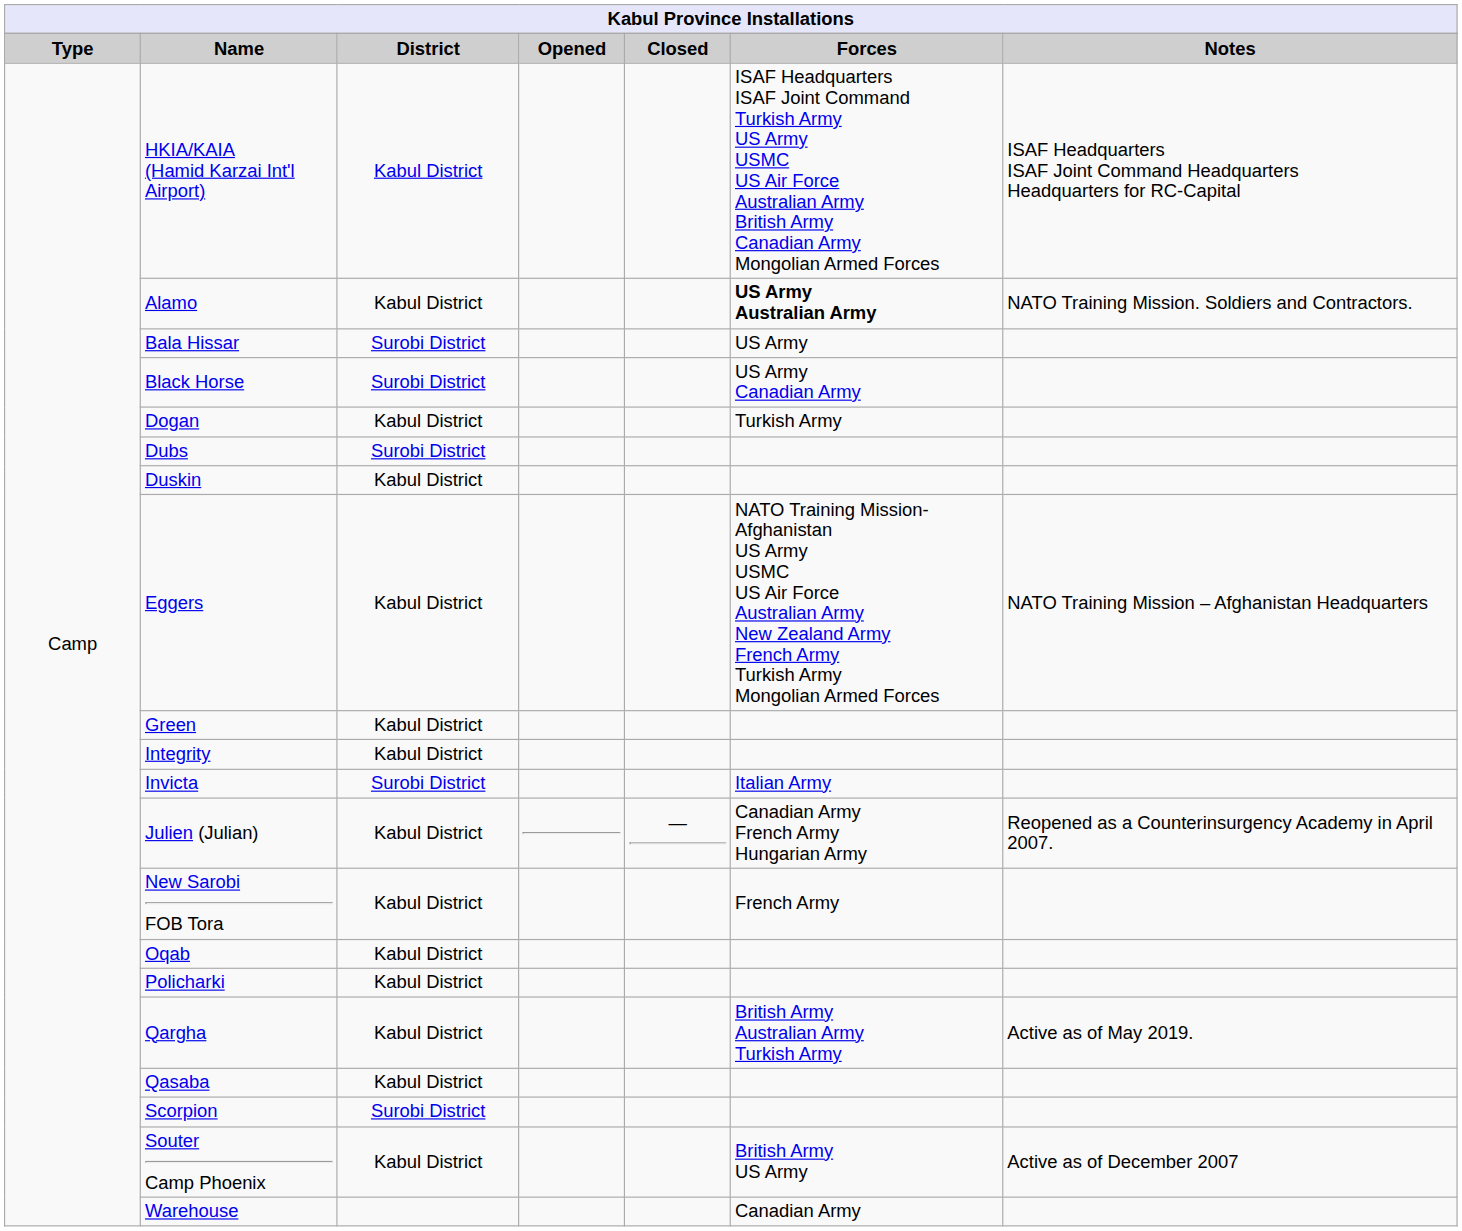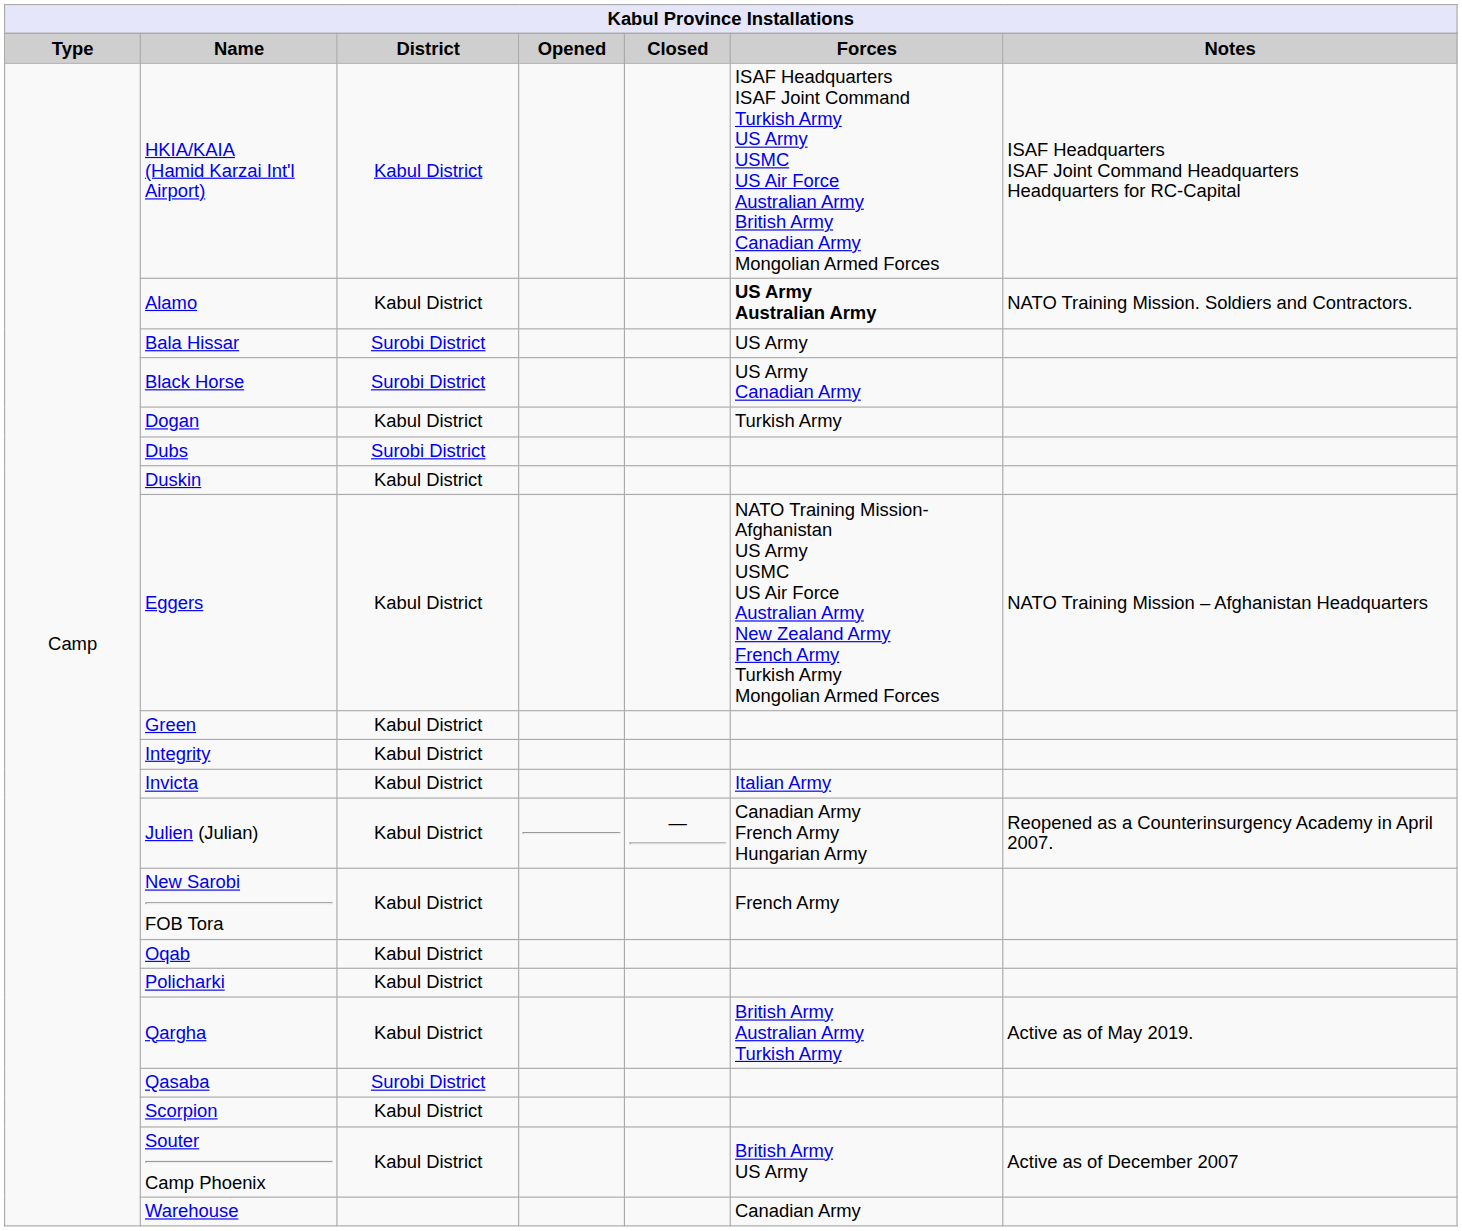 <table class="wikitable sortable" width="100%">
 <tr>
 <th style="align: center; background: lavender" colspan="7"><strong>Kabul Province Installations</strong></th>
 </tr>
 <tr style="background:#efefef; color:black">
 </tr>
 <tr>
 <th style="background-color:#cfcfcf;" align="center" width="9%" align="center">Type</th>
 <th style="background-color:#cfcfcf;" align="center" width="13%">Name</th>
 <th style="background-color:#cfcfcf;" align="center" width="12%">District</th>
 <th style="background-color:#cfcfcf;" align="center" width="7%">Opened</th>
 <th style="background-color:#cfcfcf;" align="center" width="7%">Closed</th>
 <th style="background-color:#cfcfcf;" align="center" width="18%" class="unsortable">Forces</th>
 <th style="background-color:#cfcfcf;" align="center" width="30%" class="unsortable">Notes</th>
 </tr>
 <tr>
 <td rowspan="20" align="center">Camp</td>
 <td><a href='#'>HKIA/KAIA<br>(Hamid Karzai Int'l Airport)</a></td>
 <td align="center"><a href='#'>Kabul District</a></td>
 <td align="center"></td>
 <td align="center"></td>
 <td> ISAF Headquarters<br> ISAF Joint Command<br> <a href='#'>Turkish Army</a><br> <a href='#'>US Army</a><br> <a href='#'>USMC</a><br> <a href='#'>US Air Force</a><br> <a href='#'>Australian Army</a><br> <a href='#'>British Army</a><br>  <a href='#'>Canadian Army</a><br> Mongolian Armed Forces</td>
 <td>ISAF Headquarters<br>ISAF Joint Command Headquarters<br>Headquarters for RC-Capital</td>
 </tr>
 <tr>
 <td><a href='#'>Alamo</a></td>
 <td align="center">Kabul District</td>
 <td align="center"></td>
 <td align="center"></td>
 <td><strong> US Army<br> Australian Army</strong></td>
 <td>NATO Training Mission. Soldiers and Contractors.</td>
 </tr>
 <tr>
 <td><a href='#'>Bala Hissar</a></td>
 <td align="center"><a href='#'>Surobi District</a></td>
 <td align="center"></td>
 <td align="center"></td>
 <td> US Army</td>
 <td></td>
 </tr>
 <tr>
 <td><a href='#'>Black Horse</a></td>
 <td align="center"><a href='#'>Surobi District</a></td>
 <td align="center"></td>
 <td align="center"></td>
 <td> US Army<br> <a href='#'>Canadian Army</a></td>
 <td></td>
 </tr>
 <tr>
 <td><a href='#'>Dogan</a></td>
 <td align="center">Kabul District</td>
 <td align="center"></td>
 <td align="center"></td>
 <td> Turkish Army</td>
 <td></td>
 </tr>
 <tr>
 <td><a href='#'>Dubs</a></td>
 <td align="center"><a href='#'>Surobi District</a></td>
 <td align="center"></td>
 <td align="center"></td>
 <td></td>
 <td></td>
 </tr>
 <tr>
 <td><a href='#'>Duskin</a></td>
 <td align="center">Kabul District</td>
 <td align="center"></td>
 <td align="center"></td>
 <td></td>
 <td></td>
 </tr>
 <tr>
 <td><a href='#'>Eggers</a></td>
 <td align="center">Kabul District</td>
 <td align="center"></td>
 <td align="center"></td>
 <td> NATO Training Mission-Afghanistan<br>  US Army<br> USMC<br> US Air Force<br> <a href='#'>Australian Army</a><br> <a href='#'>New Zealand Army</a><br> <a href='#'>French Army</a><br> Turkish Army <br> Mongolian Armed Forces</td>
 <td>NATO Training Mission – Afghanistan Headquarters</td>
 </tr>
 <tr>
 <td><a href='#'>Green</a></td>
 <td align="center">Kabul District</td>
 <td align="center"></td>
 <td align="center"></td>
 <td></td>
 <td></td>
 </tr>
 <tr>
 <td><a href='#'>Integrity</a></td>
 <td align="center">Kabul District</td>
 <td align="center"></td>
 <td align="center"></td>
 <td></td>
 <td></td>
 </tr>
 <tr>
 <td><a href='#'>Invicta</a></td>
-<td align="center"><a href='#'>Surobi District</a></td>
+<td align="center">Kabul District</td>
 <td align="center"></td>
 <td align="center"></td>
 <td> <a href='#'>Italian Army</a></td>
 <td></td>
 </tr>
 <tr>
 <td><a href='#'>Julien</a> (Julian)</td>
 <td align="center">Kabul District</td>
 <td align="center"><hr></td>
 <td align="center">— <hr></td>
 <td> Canadian Army<br> French Army<br> Hungarian Army</td>
 <td>Reopened as a Counterinsurgency Academy in April 2007.<br></td>
 </tr>
 <tr>
 <td><a href='#'>New Sarobi</a><hr> FOB Tora</td>
 <td align="center">Kabul District</td>
 <td align="center"></td>
 <td align="center"></td>
 <td> French Army</td>
 <td></td>
 </tr>
 <tr>
 <td><a href='#'>Oqab</a></td>
 <td align="center">Kabul District</td>
 <td align="center"></td>
 <td align="center"></td>
 <td></td>
 <td></td>
 </tr>
 <tr>
 <td><a href='#'>Policharki</a></td>
 <td align="center">Kabul District</td>
 <td align="center"></td>
 <td align="center"></td>
 <td></td>
 <td></td>
 </tr>
 <tr>
 <td><a href='#'>Qargha</a></td>
 <td align="center">Kabul District</td>
 <td align="center"></td>
 <td align="center"></td>
 <td> <a href='#'>British Army</a>  <br> <a href='#'>Australian Army</a> <br> <a href='#'>Turkish Army</a></td>
 <td>Active as of May 2019.</td>
 </tr>
 <tr>
 <td><a href='#'>Qasaba</a></td>
-<td align="center">Kabul District</td>
+<td align="center"><a href='#'>Surobi District</a></td>
 <td align="center"></td>
 <td align="center"></td>
 <td></td>
 <td></td>
 </tr>
 <tr>
 <td><a href='#'>Scorpion</a></td>
-<td align="center"><a href='#'>Surobi District</a></td>
+<td align="center">Kabul District</td>
 <td align="center"></td>
 <td align="center"></td>
 <td></td>
 <td></td>
 </tr>
 <tr>
 <td><a href='#'>Souter</a><hr>Camp Phoenix</td>
 <td align="center">Kabul District</td>
 <td align="center"></td>
 <td align="center"></td>
 <td> <a href='#'>British Army</a><br> US Army</td>
 <td> Active as of December 2007</td>
 </tr>
 <tr>
 <td><a href='#'>Warehouse</a></td>
 <td align="center"></td>
 <td align="center"></td>
 <td align="center"></td>
 <td> Canadian Army</td>
 <td></td>
 </tr>
 </table>
